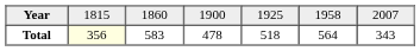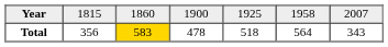 <table border="1" cellpadding="2" cellspacing="0" width="500">
 <tr bgcolor="#eeeeee" align="center">
 <td><strong>Year</strong></td>
 <td>1815</td>
 <td>1860</td>
 <td>1900</td>
 <td>1925</td>
 <td>1958</td>
 <td>2007</td>
 </tr>
 <tr align="center">
 <td><strong>Total</strong></td>
-<td style="background: lightyellow;">356</td>
-<td>583</td>
+<td>356</td>
+<td style="background: gold;">583</td>
 <td>478</td>
 <td>518</td>
 <td>564</td>
 <td>343</td>
 </tr>
 </table>
